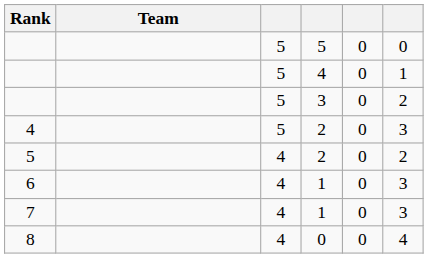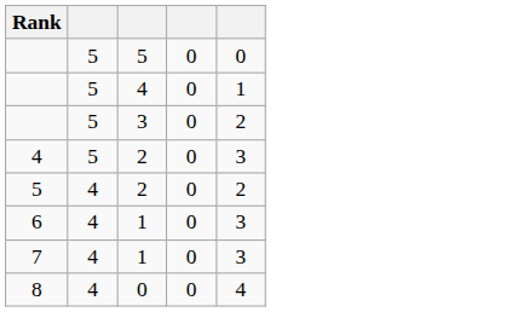 <table class="wikitable" style="text-align: center;">
 <tr>
 <th width=40>Rank</th>
-<th width=180>Team</th>
 <th width=30></th>
 <th width=30></th>
 <th width=30></th>
 <th width=30></th>
 </tr>
 <tr>
 <td></td>
-<td align=left></td>
 <td>5</td>
 <td>5</td>
 <td>0</td>
 <td>0</td>
 </tr>
 <tr>
 <td></td>
-<td align=left></td>
 <td>5</td>
 <td>4</td>
 <td>0</td>
 <td>1</td>
 </tr>
 <tr>
 <td></td>
-<td align=left></td>
 <td>5</td>
 <td>3</td>
 <td>0</td>
 <td>2</td>
 </tr>
 <tr>
 <td>4</td>
-<td align=left></td>
 <td>5</td>
 <td>2</td>
 <td>0</td>
 <td>3</td>
 </tr>
 <tr>
 <td>5</td>
-<td align=left></td>
 <td>4</td>
 <td>2</td>
 <td>0</td>
 <td>2</td>
 </tr>
 <tr>
 <td>6</td>
-<td align=left></td>
 <td>4</td>
 <td>1</td>
 <td>0</td>
 <td>3</td>
 </tr>
 <tr>
 <td>7</td>
-<td align=left></td>
 <td>4</td>
 <td>1</td>
 <td>0</td>
 <td>3</td>
 </tr>
 <tr>
 <td>8</td>
-<td align=left></td>
 <td>4</td>
 <td>0</td>
 <td>0</td>
 <td>4</td>
 </tr>
 </table>
